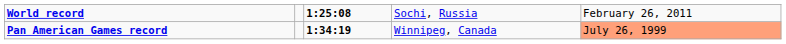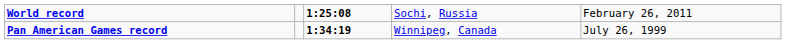 <table class="wikitable" width=75%>
 <tr>
 <td><strong><a href='#'>World record</a></strong></td>
 <td></td>
 <td><strong>1:25:08</strong></td>
 <td><a href='#'>Sochi</a>, <a href='#'>Russia</a></td>
 <td>February 26, 2011</td>
 </tr>
 <tr>
 <td><strong><a href='#'>Pan American Games record</a></strong></td>
 <td></td>
 <td><strong>1:34:19</strong></td>
 <td><a href='#'>Winnipeg</a>, <a href='#'>Canada</a></td>
-<td style="background: lightsalmon;">July 26, 1999</td>
+<td>July 26, 1999</td>
 </tr>
 </table>
